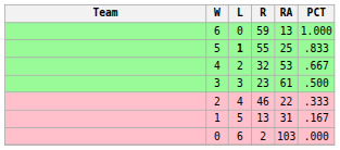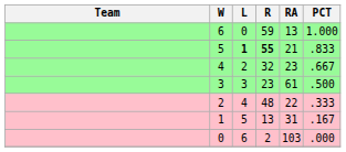 <table class=wikitable style="text-align:center;font-size:90%">
 <tr>
 <th width=220>Team</th>
 <th width=20>W</th>
 <th width=20>L</th>
 <th width=20>R</th>
 <th width=20>RA</th>
 <th width=20>PCT</th>
 </tr>
 <tr bgcolor=#98fb98>
 <td align=left></td>
 <td>6</td>
 <td>0</td>
 <td>59</td>
 <td>13</td>
 <td>1.000</td>
 </tr>
 <tr bgcolor=#98fb98>
 <td align=left></td>
 <td>5</td>
 <td><strong>1</strong></td>
-<td>55</td>
-<td>25</td>
+<td><strong>55</strong></td>
+<td>21</td>
 <td>.833</td>
 </tr>
 <tr bgcolor=#98fb98>
 <td align=left></td>
 <td>4</td>
 <td>2</td>
 <td>32</td>
-<td>53</td>
+<td>23</td>
 <td>.667</td>
 </tr>
 <tr bgcolor=#98fb98>
 <td align=left></td>
 <td>3</td>
 <td>3</td>
 <td>23</td>
 <td>61</td>
 <td>.500</td>
 </tr>
 <tr bgcolor=pink>
 <td align=left></td>
 <td>2</td>
 <td>4</td>
-<td>46</td>
+<td>48</td>
 <td>22</td>
 <td>.333</td>
 </tr>
 <tr bgcolor=pink>
 <td align=left></td>
 <td>1</td>
 <td>5</td>
 <td>13</td>
 <td>31</td>
 <td>.167</td>
 </tr>
 <tr bgcolor=pink>
 <td align=left></td>
 <td>0</td>
 <td>6</td>
 <td>2</td>
 <td>103</td>
 <td>.000</td>
 </tr>
 <tr>
 </tr>
 </table>
